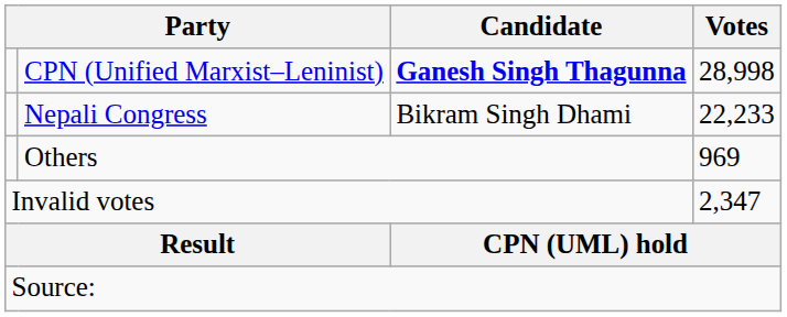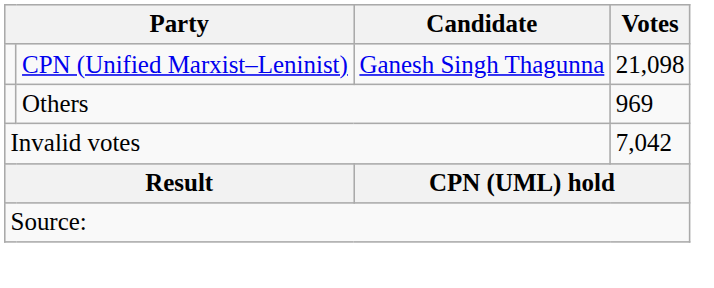 <table class="wikitable">
 <tr>
 <th colspan="2">Party</th>
 <th>Candidate</th>
 <th>Votes</th>
 </tr>
 <tr>
 <td style="background-color:"></td>
 <td><a href='#'>CPN (Unified Marxist–Leninist)</a></td>
-<td><strong><a href='#'>Ganesh Singh Thagunna</a></strong></td>
-<td>28,998</td>
-</tr>
-<tr>
-<td style="background-color:"></td>
-<td><a href='#'>Nepali Congress</a></td>
-<td>Bikram Singh Dhami</td>
-<td>22,233</td>
+<td><a href='#'>Ganesh Singh Thagunna</a></td>
+<td>21,098</td>
 </tr>
 <tr>
 <td></td>
 <td colspan="2">Others</td>
 <td>969</td>
 </tr>
 <tr>
 <td colspan="3">Invalid votes</td>
-<td>2,347</td>
+<td>7,042</td>
 </tr>
 <tr>
 <th colspan="2">Result</th>
 <th colspan="2">CPN (UML) hold</th>
 </tr>
 <tr>
 <td colspan="4">Source: </td>
 </tr>
 </table>
